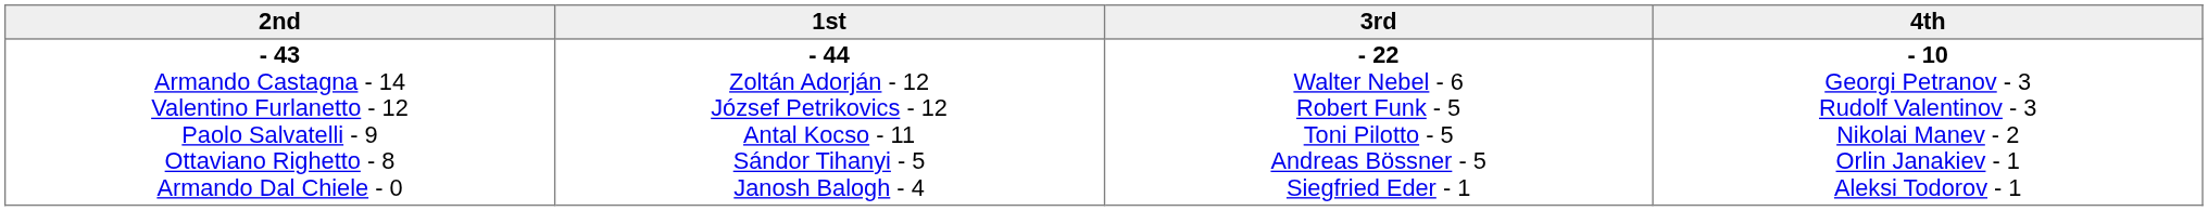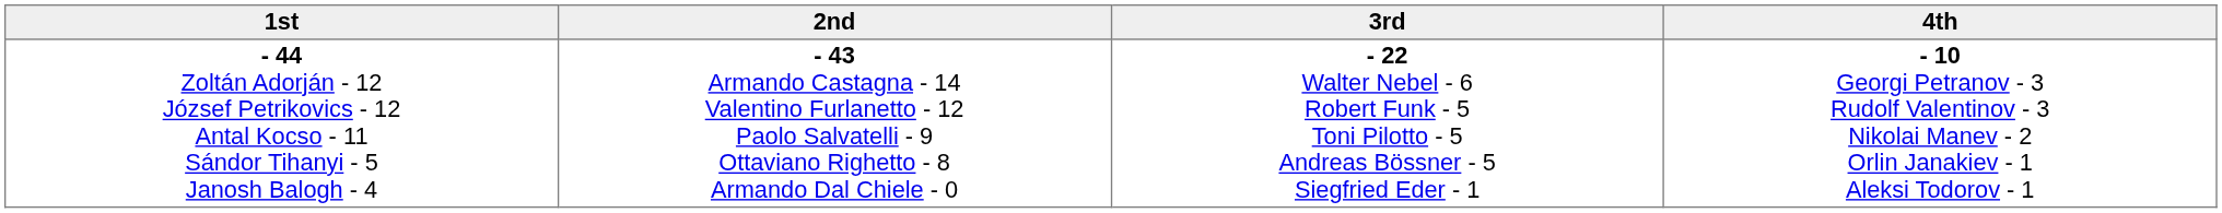 <table border=1 cellpadding=2 cellspacing=0 width=75% style="border-collapse:collapse">
 <tr align=center style="background:#efefef;">
+<th width=20% >1st</th>
 <th width=20% >2nd</th>
-<th width=20% >1st</th>
 <th width=20% >3rd</th>
 <th width=20%>4th</th>
 </tr>
 <tr align=center>
+<td valign=top ><strong> - 44</strong><br><a href='#'>Zoltán Adorján</a> - 12 <br><a href='#'>József Petrikovics</a> - 12 <br><a href='#'>Antal Kocso</a> - 11 <br><a href='#'>Sándor Tihanyi</a> - 5 <br><a href='#'>Janosh Balogh</a> - 4</td>
 <td valign=top ><strong> - 43</strong><br><a href='#'>Armando Castagna</a> - 14 <br><a href='#'>Valentino Furlanetto</a> - 12 <br><a href='#'>Paolo Salvatelli</a> - 9 <br><a href='#'>Ottaviano Righetto</a> - 8 <br><a href='#'>Armando Dal Chiele</a> - 0</td>
-<td valign=top ><strong> - 44</strong><br><a href='#'>Zoltán Adorján</a> - 12 <br><a href='#'>József Petrikovics</a> - 12 <br><a href='#'>Antal Kocso</a> - 11 <br><a href='#'>Sándor Tihanyi</a> - 5 <br><a href='#'>Janosh Balogh</a> - 4</td>
 <td valign=top ><strong> - 22</strong><br><a href='#'>Walter Nebel</a> - 6 <br><a href='#'>Robert Funk</a> - 5 <br><a href='#'>Toni Pilotto</a> - 5 <br><a href='#'>Andreas Bössner</a> - 5<br><a href='#'>Siegfried Eder</a> - 1</td>
 <td valign=top><strong> - 10</strong><br><a href='#'>Georgi Petranov</a> - 3 <br><a href='#'>Rudolf Valentinov</a> - 3 <br><a href='#'>Nikolai Manev</a> - 2 <br><a href='#'>Orlin Janakiev</a> - 1 <br> <a href='#'>Aleksi Todorov</a> - 1</td>
 </tr>
 </table>
